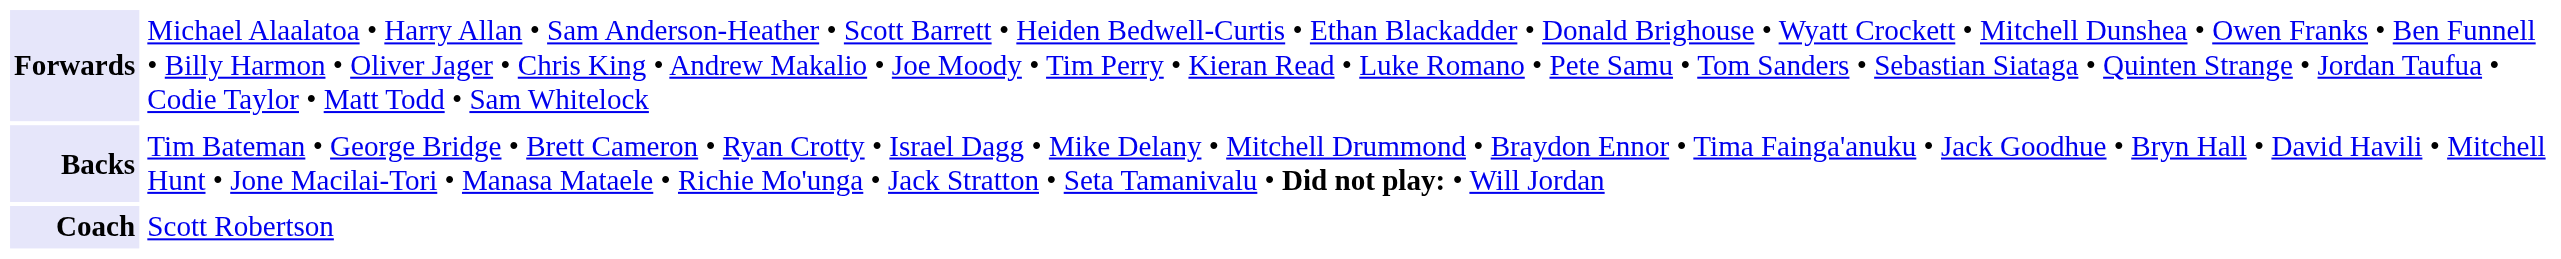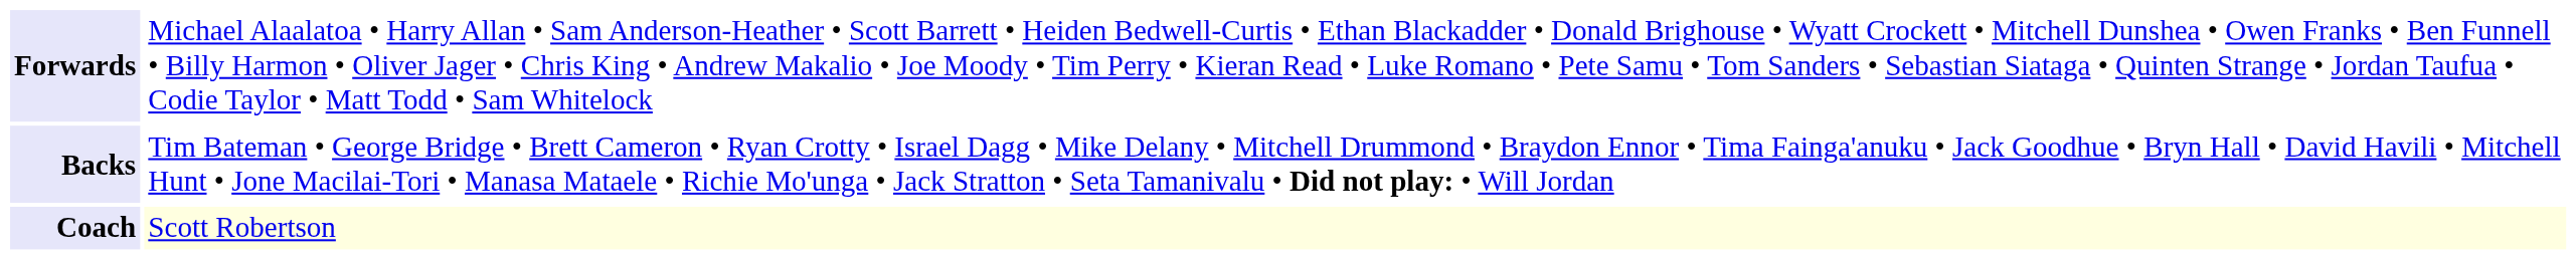 <table cellpadding="2" style="border: 1px solid white; font-size:90%;">
 <tr>
 <td style="text-align:right; background:lavender;"><strong>Forwards</strong></td>
 <td style="text-align:left;"><a href='#'>Michael Alaalatoa</a> • <a href='#'>Harry Allan</a> • <a href='#'>Sam Anderson-Heather</a> • <a href='#'>Scott Barrett</a> • <a href='#'>Heiden Bedwell-Curtis</a> • <a href='#'>Ethan Blackadder</a> • <a href='#'>Donald Brighouse</a> • <a href='#'>Wyatt Crockett</a> • <a href='#'>Mitchell Dunshea</a> • <a href='#'>Owen Franks</a> • <a href='#'>Ben Funnell</a> • <a href='#'>Billy Harmon</a> • <a href='#'>Oliver Jager</a> • <a href='#'>Chris King</a> • <a href='#'>Andrew Makalio</a> • <a href='#'>Joe Moody</a> • <a href='#'>Tim Perry</a> • <a href='#'>Kieran Read</a> • <a href='#'>Luke Romano</a> • <a href='#'>Pete Samu</a> • <a href='#'>Tom Sanders</a> • <a href='#'>Sebastian Siataga</a> • <a href='#'>Quinten Strange</a> • <a href='#'>Jordan Taufua</a> • <a href='#'>Codie Taylor</a> • <a href='#'>Matt Todd</a> • <a href='#'>Sam Whitelock</a></td>
 </tr>
 <tr>
 <td style="text-align:right; background:lavender;"><strong>Backs</strong></td>
 <td style="text-align:left;"><a href='#'>Tim Bateman</a> • <a href='#'>George Bridge</a> • <a href='#'>Brett Cameron</a> • <a href='#'>Ryan Crotty</a> • <a href='#'>Israel Dagg</a> • <a href='#'>Mike Delany</a> • <a href='#'>Mitchell Drummond</a> • <a href='#'>Braydon Ennor</a> • <a href='#'>Tima Fainga'anuku</a> • <a href='#'>Jack Goodhue</a> • <a href='#'>Bryn Hall</a> • <a href='#'>David Havili</a> • <a href='#'>Mitchell Hunt</a> • <a href='#'>Jone Macilai-Tori</a> • <a href='#'>Manasa Mataele</a> • <a href='#'>Richie Mo'unga</a> • <a href='#'>Jack Stratton</a> • <a href='#'>Seta Tamanivalu</a> • <strong>Did not play:</strong> • <a href='#'>Will Jordan</a></td>
 </tr>
 <tr>
 <td style="text-align:right; background:lavender;"><strong>Coach</strong></td>
-<td style="text-align:left;"><a href='#'>Scott Robertson</a></td>
+<td style="background: lightyellow; text-align:left;"><a href='#'>Scott Robertson</a></td>
 </tr>
 </table>
